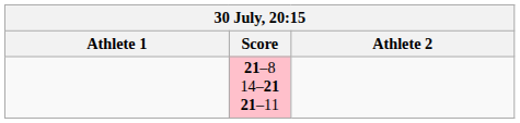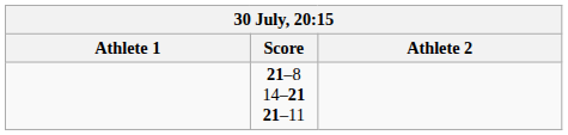 <table class="wikitable" style="text-align: center; font-size:90% ">
 <tr>
 <th colspan=3>30 July, 20:15</th>
 </tr>
 <tr>
 <th align="right" width="200">Athlete 1</th>
 <th width="50">Score</th>
 <th align="left" width="200">Athlete 2</th>
 </tr>
 <tr>
 <td align=right><strong></strong></td>
-<td align=center style="background: pink;"><strong>21</strong>–8<br>14–<strong>21</strong><br><strong>21</strong>–11</td>
+<td align=center><strong>21</strong>–8<br>14–<strong>21</strong><br><strong>21</strong>–11</td>
 <td align=left></td>
 </tr>
 </table>
